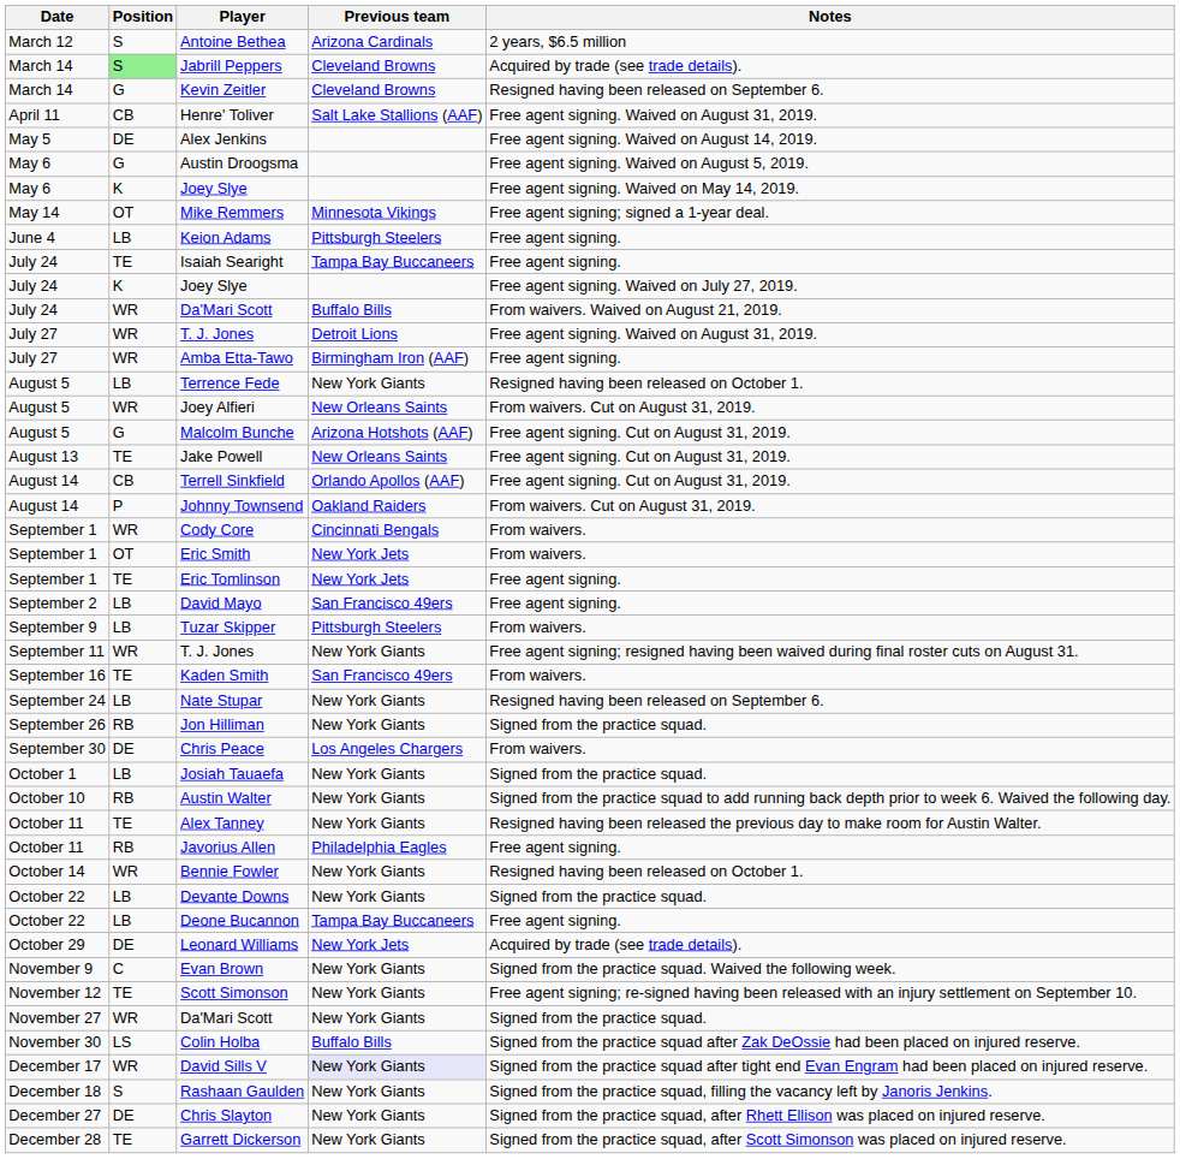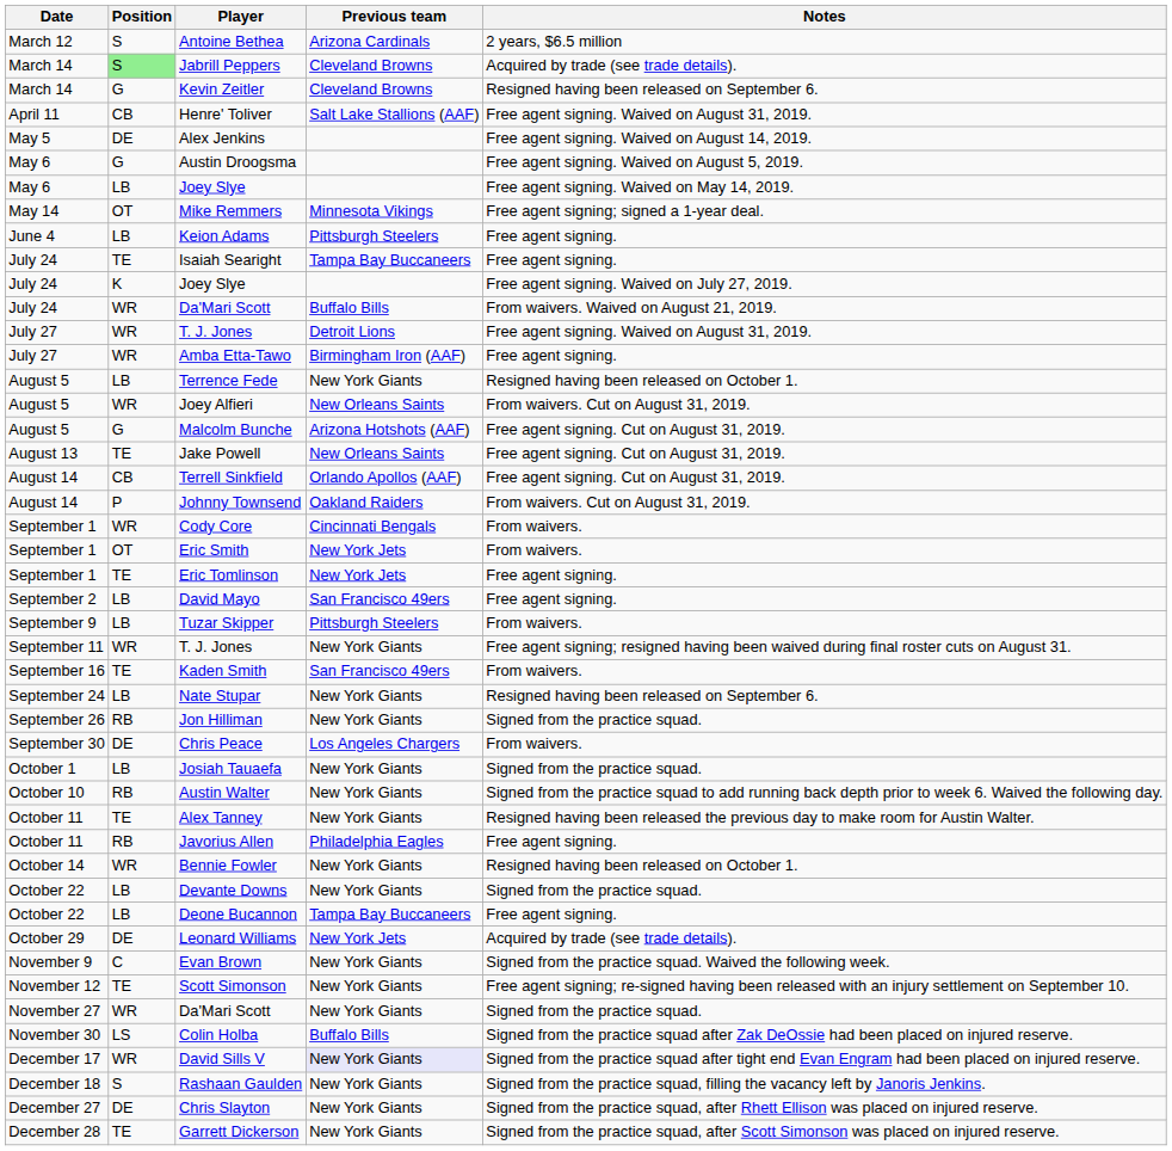 <table class="wikitable">
 <tr>
 <th>Date</th>
 <th>Position</th>
 <th>Player</th>
 <th>Previous team</th>
 <th>Notes</th>
 </tr>
 <tr>
 <td>March 12</td>
 <td>S</td>
 <td><a href='#'>Antoine Bethea</a></td>
 <td><a href='#'>Arizona Cardinals</a></td>
 <td>2 years, $6.5 million</td>
 </tr>
 <tr>
 <td>March 14</td>
 <td style="background: lightgreen;">S</td>
 <td><a href='#'>Jabrill Peppers</a></td>
 <td><a href='#'>Cleveland Browns</a></td>
 <td>Acquired by trade (see <a href='#'>trade details</a>).</td>
 </tr>
 <tr>
 <td>March 14</td>
 <td>G</td>
 <td><a href='#'>Kevin Zeitler</a></td>
 <td><a href='#'>Cleveland Browns</a></td>
 <td>Resigned having been released on September 6.</td>
 </tr>
 <tr>
 <td>April 11</td>
 <td>CB</td>
 <td>Henre' Toliver</td>
 <td><a href='#'>Salt Lake Stallions</a> (<a href='#'>AAF</a>)</td>
 <td>Free agent signing. Waived on August 31, 2019.</td>
 </tr>
 <tr>
 <td>May 5</td>
 <td>DE</td>
 <td>Alex Jenkins</td>
 <td></td>
 <td>Free agent signing. Waived on August 14, 2019.</td>
 </tr>
 <tr>
 <td>May 6</td>
 <td>G</td>
 <td>Austin Droogsma</td>
 <td></td>
 <td>Free agent signing. Waived on August 5, 2019.</td>
 </tr>
 <tr>
 <td>May 6</td>
-<td>K</td>
+<td>LB</td>
 <td><a href='#'>Joey Slye</a></td>
 <td></td>
 <td>Free agent signing. Waived on May 14, 2019.</td>
 </tr>
 <tr>
 <td>May 14</td>
 <td>OT</td>
 <td><a href='#'>Mike Remmers</a></td>
 <td><a href='#'>Minnesota Vikings</a></td>
 <td>Free agent signing; signed a 1-year deal.</td>
 </tr>
 <tr>
 <td>June 4</td>
 <td>LB</td>
 <td><a href='#'>Keion Adams</a></td>
 <td><a href='#'>Pittsburgh Steelers</a></td>
 <td>Free agent signing.</td>
 </tr>
 <tr>
 <td>July 24</td>
 <td>TE</td>
 <td>Isaiah Searight</td>
 <td><a href='#'>Tampa Bay Buccaneers</a></td>
 <td>Free agent signing.</td>
 </tr>
 <tr>
 <td>July 24</td>
 <td>K</td>
 <td>Joey Slye</td>
 <td></td>
 <td>Free agent signing. Waived on July 27, 2019.</td>
 </tr>
 <tr>
 <td>July 24</td>
 <td>WR</td>
 <td><a href='#'>Da'Mari Scott</a></td>
 <td><a href='#'>Buffalo Bills</a></td>
 <td>From waivers. Waived on August 21, 2019.</td>
 </tr>
 <tr>
 <td>July 27</td>
 <td>WR</td>
 <td><a href='#'>T. J. Jones</a></td>
 <td><a href='#'>Detroit Lions</a></td>
 <td>Free agent signing. Waived on August 31, 2019.</td>
 </tr>
 <tr>
 <td>July 27</td>
 <td>WR</td>
 <td><a href='#'>Amba Etta-Tawo</a></td>
 <td><a href='#'>Birmingham Iron</a> (<a href='#'>AAF</a>)</td>
 <td>Free agent signing.</td>
 </tr>
 <tr>
 <td>August 5</td>
 <td>LB</td>
 <td><a href='#'>Terrence Fede</a></td>
 <td>New York Giants</td>
 <td>Resigned having been released on October 1.</td>
 </tr>
 <tr>
 <td>August 5</td>
 <td>WR</td>
 <td>Joey Alfieri</td>
 <td><a href='#'>New Orleans Saints</a></td>
 <td>From waivers. Cut on August 31, 2019.</td>
 </tr>
 <tr>
 <td>August 5</td>
 <td>G</td>
 <td><a href='#'>Malcolm Bunche</a></td>
 <td><a href='#'>Arizona Hotshots</a> (<a href='#'>AAF</a>)</td>
 <td>Free agent signing. Cut on August 31, 2019.</td>
 </tr>
 <tr>
 <td>August 13</td>
 <td>TE</td>
 <td>Jake Powell</td>
 <td><a href='#'>New Orleans Saints</a></td>
 <td>Free agent signing. Cut on August 31, 2019.</td>
 </tr>
 <tr>
 <td>August 14</td>
 <td>CB</td>
 <td><a href='#'>Terrell Sinkfield</a></td>
 <td><a href='#'>Orlando Apollos</a> (<a href='#'>AAF</a>)</td>
 <td>Free agent signing. Cut on August 31, 2019.</td>
 </tr>
 <tr>
 <td>August 14</td>
 <td>P</td>
 <td><a href='#'>Johnny Townsend</a></td>
 <td><a href='#'>Oakland Raiders</a></td>
 <td>From waivers. Cut on August 31, 2019.</td>
 </tr>
 <tr>
 <td>September 1</td>
 <td>WR</td>
 <td><a href='#'>Cody Core</a></td>
 <td><a href='#'>Cincinnati Bengals</a></td>
 <td>From waivers.</td>
 </tr>
 <tr>
 <td>September 1</td>
 <td>OT</td>
 <td><a href='#'>Eric Smith</a></td>
 <td><a href='#'>New York Jets</a></td>
 <td>From waivers.</td>
 </tr>
 <tr>
 <td>September 1</td>
 <td>TE</td>
 <td><a href='#'>Eric Tomlinson</a></td>
 <td><a href='#'>New York Jets</a></td>
 <td>Free agent signing.</td>
 </tr>
 <tr>
 <td>September 2</td>
 <td>LB</td>
 <td><a href='#'>David Mayo</a></td>
 <td><a href='#'>San Francisco 49ers</a></td>
 <td>Free agent signing.</td>
 </tr>
 <tr>
 <td>September 9</td>
 <td>LB</td>
 <td><a href='#'>Tuzar Skipper</a></td>
 <td><a href='#'>Pittsburgh Steelers</a></td>
 <td>From waivers.</td>
 </tr>
 <tr>
 <td>September 11</td>
 <td>WR</td>
 <td>T. J. Jones</td>
 <td>New York Giants</td>
 <td>Free agent signing; resigned having been waived during final roster cuts on August 31.</td>
 </tr>
 <tr>
 <td>September 16</td>
 <td>TE</td>
 <td><a href='#'>Kaden Smith</a></td>
 <td><a href='#'>San Francisco 49ers</a></td>
 <td>From waivers.</td>
 </tr>
 <tr>
 <td>September 24</td>
 <td>LB</td>
 <td><a href='#'>Nate Stupar</a></td>
 <td>New York Giants</td>
 <td>Resigned having been released on September 6.</td>
 </tr>
 <tr>
 <td>September 26</td>
 <td>RB</td>
 <td><a href='#'>Jon Hilliman</a></td>
 <td>New York Giants</td>
 <td>Signed from the practice squad.</td>
 </tr>
 <tr>
 <td>September 30</td>
 <td>DE</td>
 <td><a href='#'>Chris Peace</a></td>
 <td><a href='#'>Los Angeles Chargers</a></td>
 <td>From waivers.</td>
 </tr>
 <tr>
 <td>October 1</td>
 <td>LB</td>
 <td><a href='#'>Josiah Tauaefa</a></td>
 <td>New York Giants</td>
 <td>Signed from the practice squad.</td>
 </tr>
 <tr>
 <td>October 10</td>
 <td>RB</td>
 <td><a href='#'>Austin Walter</a></td>
 <td>New York Giants</td>
 <td>Signed from the practice squad to add running back depth prior to week 6. Waived the following day.</td>
 </tr>
 <tr>
 <td>October 11</td>
 <td>TE</td>
 <td><a href='#'>Alex Tanney</a></td>
 <td>New York Giants</td>
 <td>Resigned having been released the previous day to make room for Austin Walter.</td>
 </tr>
 <tr>
 <td>October 11</td>
 <td>RB</td>
 <td><a href='#'>Javorius Allen</a></td>
 <td><a href='#'>Philadelphia Eagles</a></td>
 <td>Free agent signing.</td>
 </tr>
 <tr>
 <td>October 14</td>
 <td>WR</td>
 <td><a href='#'>Bennie Fowler</a></td>
 <td>New York Giants</td>
 <td>Resigned having been released on October 1.</td>
 </tr>
 <tr>
 <td>October 22</td>
 <td>LB</td>
 <td><a href='#'>Devante Downs</a></td>
 <td>New York Giants</td>
 <td>Signed from the practice squad.</td>
 </tr>
 <tr>
 <td>October 22</td>
 <td>LB</td>
 <td><a href='#'>Deone Bucannon</a></td>
 <td><a href='#'>Tampa Bay Buccaneers</a></td>
 <td>Free agent signing.</td>
 </tr>
 <tr>
 <td>October 29</td>
 <td>DE</td>
 <td><a href='#'>Leonard Williams</a></td>
 <td><a href='#'>New York Jets</a></td>
 <td>Acquired by trade (see <a href='#'>trade details</a>).</td>
 </tr>
 <tr>
 <td>November 9</td>
 <td>C</td>
 <td><a href='#'>Evan Brown</a></td>
 <td>New York Giants</td>
 <td>Signed from the practice squad. Waived the following week.</td>
 </tr>
 <tr>
 <td>November 12</td>
 <td>TE</td>
 <td><a href='#'>Scott Simonson</a></td>
 <td>New York Giants</td>
 <td>Free agent signing; re-signed having been released with an injury settlement on September 10.</td>
 </tr>
 <tr>
 <td>November 27</td>
 <td>WR</td>
 <td>Da'Mari Scott</td>
 <td>New York Giants</td>
 <td>Signed from the practice squad.</td>
 </tr>
 <tr>
 <td>November 30</td>
 <td>LS</td>
 <td><a href='#'>Colin Holba</a></td>
 <td><a href='#'>Buffalo Bills</a></td>
 <td>Signed from the practice squad after <a href='#'>Zak DeOssie</a> had been placed on injured reserve.</td>
 </tr>
 <tr>
 <td>December 17</td>
 <td>WR</td>
 <td><a href='#'>David Sills V</a></td>
 <td style="background: lavender;">New York Giants</td>
 <td>Signed from the practice squad after tight end <a href='#'>Evan Engram</a> had been placed on injured reserve.</td>
 </tr>
 <tr>
 <td>December 18</td>
 <td>S</td>
 <td><a href='#'>Rashaan Gaulden</a></td>
 <td>New York Giants</td>
 <td>Signed from the practice squad, filling the vacancy left by <a href='#'>Janoris Jenkins</a>.</td>
 </tr>
 <tr>
 <td>December 27</td>
 <td>DE</td>
 <td><a href='#'>Chris Slayton</a></td>
 <td>New York Giants</td>
 <td>Signed from the practice squad, after <a href='#'>Rhett Ellison</a> was placed on injured reserve.</td>
 </tr>
 <tr>
 <td>December 28</td>
 <td>TE</td>
 <td><a href='#'>Garrett Dickerson</a></td>
 <td>New York Giants</td>
 <td>Signed from the practice squad, after <a href='#'>Scott Simonson</a> was placed on injured reserve.</td>
 </tr>
 </table>
